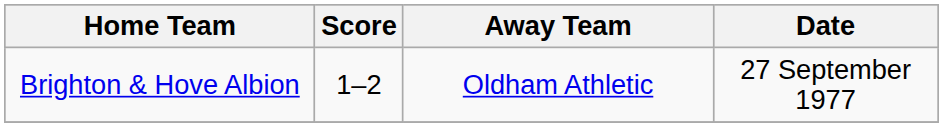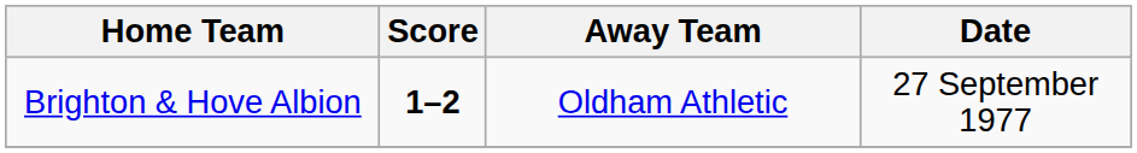 <table class="wikitable" style="text-align:center;">
 <tr>
 <th width=175>Home Team</th>
 <th width=20>Score</th>
 <th width=175>Away Team</th>
 <th width= 125>Date</th>
 </tr>
 <tr>
 <td><a href='#'>Brighton & Hove Albion</a></td>
-<td>1–2</td>
+<td><strong>1–2</strong></td>
 <td><a href='#'>Oldham Athletic</a></td>
 <td>27 September 1977</td>
 </tr>
 <tr>
 </tr>
 </table>
